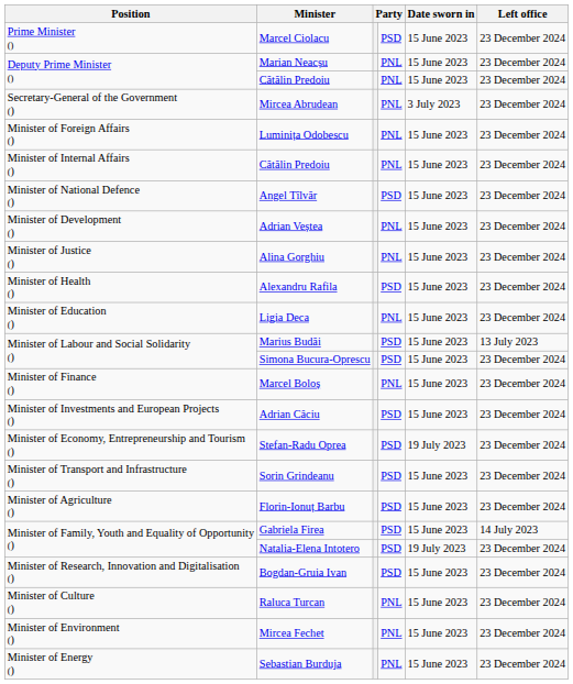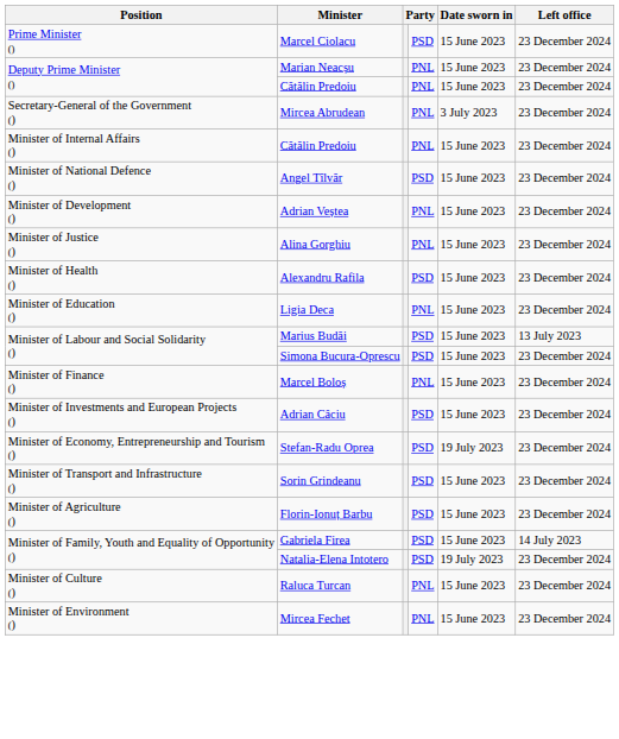 <table class="wikitable">
 <tr>
 <th>Position</th>
 <th>Minister</th>
 <th colspan="2">Party</th>
 <th>Date sworn in</th>
 <th>Left office</th>
 </tr>
 <tr>
 <td style="vertical-align:middle;"><a href='#'>Prime Minister</a><br><small>()</small></td>
 <td style="vertical-align:middle;"><a href='#'>Marcel Ciolacu</a></td>
 <th style="background-color: "></th>
 <td style="vertical-align:middle;"><a href='#'>PSD</a></td>
 <td>15 June 2023</td>
 <td>23 December 2024</td>
 </tr>
 <tr>
 <td rowspan="2" style="vertical-align:middle;"><a href='#'>Deputy Prime Minister</a><br><small>()</small></td>
 <td style="vertical-align:middle;"><a href='#'>Marian Neacșu</a></td>
 <th style="background-color: "></th>
 <td style="vertical-align:middle;"><a href='#'>PNL</a></td>
 <td>15 June 2023</td>
 <td>23 December 2024</td>
 </tr>
 <tr>
 <td style="vertical-align:middle;"><a href='#'>Cătălin Predoiu</a></td>
 <th style="background-color: "></th>
 <td style="vertical-align:middle;"><a href='#'>PNL</a></td>
 <td>15 June 2023</td>
 <td>23 December 2024</td>
 </tr>
 <tr>
 <td style="vertical-align:middle;">Secretary-General of the Government<br><small>(</small>)</td>
 <td style="vertical-align:middle;"><a href='#'>Mircea Abrudean</a></td>
 <th style="background-color: "></th>
 <td style="vertical-align:middle;"><a href='#'>PNL</a></td>
 <td>3 July 2023</td>
-<td>23 December 2024</td>
-</tr>
-<tr>
-<td style="vertical-align:middle;">Minister of Foreign Affairs<br><small>(</small>)</td>
-<td style="vertical-align:middle;"><a href='#'>Luminița Odobescu</a></td>
-<th style="background-color: "></th>
-<td style="vertical-align:middle;"><a href='#'>PNL</a></td>
-<td>15 June 2023</td>
 <td>23 December 2024</td>
 </tr>
 <tr>
 <td style="vertical-align:middle;">Minister of Internal Affairs<br><small>(</small>)</td>
 <td style="vertical-align:middle;"><a href='#'>Cătălin Predoiu</a></td>
 <th style="background-color: "></th>
 <td style="vertical-align:middle;"><a href='#'>PNL</a></td>
 <td>15 June 2023</td>
 <td>23 December 2024</td>
 </tr>
 <tr>
 <td style="vertical-align:middle;">Minister of National Defence<br><small>(</small>)</td>
 <td style="vertical-align:middle;"><a href='#'>Angel Tîlvăr</a></td>
 <th style="background-color: "></th>
 <td style="vertical-align:middle;"><a href='#'>PSD</a></td>
 <td>15 June 2023</td>
 <td>23 December 2024</td>
 </tr>
 <tr>
 <td style="vertical-align:middle;">Minister of Development<br><small>(</small>)</td>
 <td style="vertical-align:middle;"><a href='#'>Adrian Veștea</a></td>
 <th style="background-color: "></th>
 <td style="vertical-align:middle;"><a href='#'>PNL</a></td>
 <td>15 June 2023</td>
 <td>23 December 2024</td>
 </tr>
 <tr>
 <td style="vertical-align:middle;">Minister of Justice<br><small>(</small>)</td>
 <td style="vertical-align:middle;"><a href='#'>Alina Gorghiu</a></td>
 <th style="background-color: "></th>
 <td style="vertical-align:middle;"><a href='#'>PNL</a></td>
 <td>15 June 2023</td>
 <td>23 December 2024</td>
 </tr>
 <tr>
 <td style="vertical-align:middle;">Minister of Health<br><small>(</small>)</td>
 <td style="vertical-align:middle;"><a href='#'>Alexandru Rafila</a></td>
 <th style="background-color: "></th>
 <td style="vertical-align:middle;"><a href='#'>PSD</a></td>
 <td>15 June 2023</td>
 <td>23 December 2024</td>
 </tr>
 <tr>
 <td style="vertical-align:middle;">Minister of Education<br><small>(</small>)</td>
 <td style="vertical-align:middle;"><a href='#'>Ligia Deca</a></td>
 <th style="background-color: "></th>
 <td style="vertical-align:middle;"><a href='#'>PNL</a></td>
 <td>15 June 2023</td>
 <td>23 December 2024</td>
 </tr>
 <tr>
 <td rowspan="2" style="vertical-align:middle;">Minister of Labour and Social Solidarity<br><small>(</small>)</td>
 <td style="vertical-align:middle;"><a href='#'>Marius Budăi</a></td>
 <th style="background-color: "></th>
 <td style="vertical-align:middle;"><a href='#'>PSD</a></td>
 <td>15 June 2023</td>
 <td>13 July 2023</td>
 </tr>
 <tr>
 <td><a href='#'>Simona Bucura-Oprescu</a></td>
 <th style="background-color: "></th>
 <td><a href='#'>PSD</a></td>
 <td>15 June 2023</td>
 <td>23 December 2024</td>
 </tr>
 <tr>
 <td style="vertical-align:middle;">Minister of Finance<br><small>(</small>)</td>
 <td style="vertical-align:middle;"><a href='#'>Marcel Boloș</a></td>
 <th style="background-color: "></th>
 <td style="vertical-align:middle;"><a href='#'>PNL</a></td>
 <td>15 June 2023</td>
 <td>23 December 2024</td>
 </tr>
 <tr>
 <td style="vertical-align:middle;">Minister of Investments and European Projects<br><small>(</small>)</td>
 <td style="vertical-align:middle;"><a href='#'>Adrian Câciu</a></td>
 <th style="background-color: "></th>
 <td style="vertical-align:middle;"><a href='#'>PSD</a></td>
 <td>15 June 2023</td>
 <td>23 December 2024</td>
 </tr>
 <tr>
 <td style="vertical-align:middle;">Minister of Economy, Entrepreneurship and Tourism<br><small>(</small>)</td>
 <td style="vertical-align:middle;"><a href='#'>Stefan-Radu Oprea</a></td>
 <th style="background-color: "></th>
 <td style="vertical-align:middle;"><a href='#'>PSD</a></td>
 <td>19 July 2023</td>
 <td>23 December 2024</td>
 </tr>
 <tr>
 <td style="vertical-align:middle;">Minister of Transport and Infrastructure<br><small>(</small>)</td>
 <td style="vertical-align:middle;"><a href='#'>Sorin Grindeanu</a></td>
 <th style="background-color: "></th>
 <td style="vertical-align:middle;"><a href='#'>PSD</a></td>
 <td>15 June 2023</td>
 <td>23 December 2024</td>
 </tr>
 <tr>
 <td style="vertical-align:middle;">Minister of Agriculture<br><small>(</small>)</td>
 <td style="vertical-align:middle;"><a href='#'>Florin-Ionuț Barbu</a></td>
 <th style="background-color: "></th>
 <td style="vertical-align:middle;"><a href='#'>PSD</a></td>
 <td>15 June 2023</td>
 <td>23 December 2024</td>
 </tr>
 <tr>
 <td rowspan="2" style="vertical-align:middle;">Minister of Family, Youth and Equality of Opportunity<br><small>(</small>)</td>
 <td style="vertical-align:middle;"><a href='#'>Gabriela Firea</a></td>
 <th style="background-color: "></th>
 <td style="vertical-align:middle;"><a href='#'>PSD</a></td>
 <td>15 June 2023</td>
 <td>14 July 2023</td>
 </tr>
 <tr>
 <td><a href='#'>Natalia-Elena Intotero</a></td>
 <th style="background-color: "></th>
 <td><a href='#'>PSD</a></td>
 <td>19 July 2023</td>
 <td>23 December 2024</td>
 </tr>
 <tr>
-<td style="vertical-align:middle;">Minister of Research, Innovation and Digitalisation<br><small>(</small>)</td>
-<td style="vertical-align:middle;"><a href='#'>Bogdan-Gruia Ivan</a></td>
-<th style="background-color: "></th>
-<td style="vertical-align:middle;"><a href='#'>PSD</a></td>
-<td>15 June 2023</td>
-<td>23 December 2024</td>
-</tr>
-<tr>
 <td style="vertical-align:middle;">Minister of Culture<br><small>(</small>)</td>
 <td style="vertical-align:middle;"><a href='#'>Raluca Turcan</a></td>
 <th style="background-color: "></th>
 <td style="vertical-align:middle;"><a href='#'>PNL</a></td>
 <td>15 June 2023</td>
 <td>23 December 2024</td>
 </tr>
 <tr>
 <td style="vertical-align:middle;">Minister of Environment<br><small>(</small>)</td>
 <td style="vertical-align:middle;"><a href='#'>Mircea Fechet</a></td>
 <th style="background-color: "></th>
 <td style="vertical-align:middle;"><a href='#'>PNL</a></td>
 <td>15 June 2023</td>
 <td>23 December 2024</td>
 </tr>
-<tr>
-<td style="vertical-align:middle;">Minister of Energy<br><small>(</small>)</td>
-<td style="vertical-align:middle;"><a href='#'>Sebastian Burduja</a></td>
-<th style="background-color: "></th>
-<td style="vertical-align:middle;"><a href='#'>PNL</a></td>
-<td>15 June 2023</td>
-<td>23 December 2024</td>
-</tr>
 </table>
